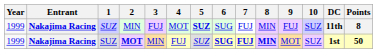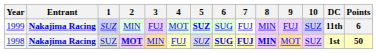 <table class="wikitable" style="text-align:center; font-size:85%">
 <tr>
 <th>Year</th>
 <th>Entrant</th>
 <th>1</th>
 <th>2</th>
 <th>3</th>
 <th>4</th>
 <th>5</th>
 <th>6</th>
 <th>7</th>
 <th>8</th>
 <th>9</th>
 <th>10</th>
 <th>DC</th>
 <th>Points</th>
 </tr>
 <tr>
 <td><a href='#'>1999</a></td>
 <th nowrap><a href='#'>Nakajima Racing</a></th>
 <td style="background:#CFCFFF;"><em><a href='#'>SUZ</a></em><br></td>
 <td style="background:#DFFFDF;"><a href='#'>MIN</a><br></td>
 <td style="background:#EFCFFF;"><a href='#'>FUJ</a><br></td>
 <td style="background:#DFFFDF;"><a href='#'>MOT</a><br></td>
 <td style="background:#DFFFDF;"><strong><a href='#'>SUZ</a><br></strong></td>
 <td style="background:#DFFFDF;"><a href='#'>SUG</a><br></td>
 <td style="background:#FFFFFF;"><a href='#'>FUJ</a><br></td>
 <td style="background:#EFCFFF;"><a href='#'>MIN</a><br></td>
 <td style="background:#EFCFFF;"><a href='#'>FUJ</a><br></td>
 <td style="background:#CFCFFF;"><a href='#'>SUZ</a><br></td>
 <th>11th</th>
-<th>8</th>
+<th>6</th>
 </tr>
 <tr>
-<td><a href='#'>1999</a></td>
+<td><a href='#'>1998</a></td>
 <th nowrap><a href='#'>Nakajima Racing</a></th>
 <td style="background:#DFDFDF;"><a href='#'>SUZ</a><br></td>
 <td style="background:#EFCFFF;"><strong><a href='#'>MOT</a></strong><br></td>
 <td style="background:#FFDF9F;"><a href='#'>MIN</a><br></td>
 <td style="background:#FFFFBF;"><a href='#'>FUJ</a><br></td>
 <td style="background:#DFDFDF;"><em><a href='#'>SUZ</a></em><br></td>
 <td style="background:#FFFFBF;"><strong><a href='#'>SUG</a></strong><br></td>
 <td style="background:#FFFFBF;"><strong><a href='#'>FUJ</a></strong><br></td>
 <td style="background:#EFCFFF;"><strong><a href='#'>MIN</a></strong><br></td>
 <td style="background:#FFDF9F;"><a href='#'>MOT</a><br></td>
 <td style="background:#EFCFFF;"><a href='#'>SUZ</a><br></td>
 <td style="background:#FFFFBF;"><strong>1st</strong></td>
 <td style="background:#FFFFBF;"><strong>50</strong></td>
 </tr>
 </table>
